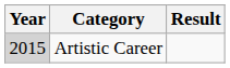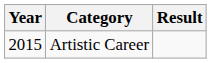 <table class="wikitable">
 <tr>
 <th>Year</th>
 <th>Category</th>
 <th>Result</th>
 </tr>
 <tr>
-<td style="background: lightgrey;">2015</td>
+<td>2015</td>
 <td>Artistic Career</td>
 <td></td>
 </tr>
 </table>
